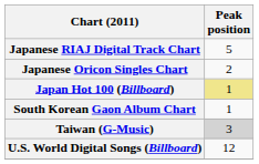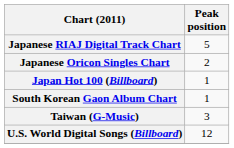 <table class="wikitable sortable plainrowheaders" style="text-align:center;">
 <tr>
 <th>Chart (2011)</th>
 <th>Peak<br>position</th>
 </tr>
 <tr>
 <th scope="row">Japanese <a href='#'>RIAJ Digital Track Chart</a></th>
 <td>5</td>
 </tr>
 <tr>
 <th scope="row">Japanese <a href='#'>Oricon Singles Chart</a></th>
 <td>2</td>
 </tr>
 <tr>
 <th scope="row"><a href='#'>Japan Hot 100</a> (<em><a href='#'>Billboard</a></em>)</th>
-<td style="background: khaki;">1</td>
+<td>1</td>
 </tr>
 <tr>
 <th scope="row">South Korean <a href='#'>Gaon Album Chart</a></th>
 <td>1</td>
 </tr>
 <tr>
 <th scope="row">Taiwan (<a href='#'>G-Music</a>)</th>
-<td style="background: lightgrey;">3</td>
+<td>3</td>
 </tr>
 <tr>
 <th scope="row">U.S. World Digital Songs (<em><a href='#'>Billboard</a></em>)</th>
 <td>12</td>
 </tr>
 <tr>
 </tr>
 </table>
